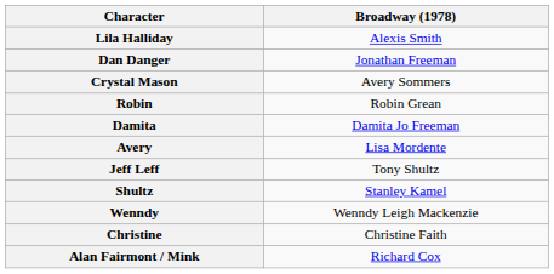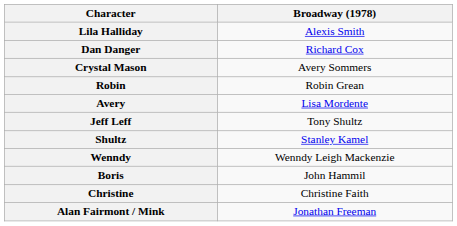 <table class="wikitable" style="width:50%; text-align:center">
 <tr>
 <th scope="col">Character</th>
 <th>Broadway (1978)</th>
 </tr>
 <tr>
 <th>Lila Halliday</th>
 <td colspan="1"><a href='#'>Alexis Smith</a></td>
 </tr>
 <tr>
 <th>Dan Danger</th>
-<td colspan="1"><a href='#'>Jonathan Freeman</a></td>
+<td colspan="1”"><a href='#'>Richard Cox</a></td>
 </tr>
 <tr>
 <th>Crystal Mason</th>
 <td colspan="1">Avery Sommers</td>
 </tr>
 <tr>
 <th>Robin</th>
 <td colspan="1">Robin Grean</td>
-</tr>
-<tr>
-<th>Damita</th>
-<td colspan="1"><a href='#'>Damita Jo Freeman</a></td>
 </tr>
 <tr>
 <th>Avery</th>
 <td colspan="1”"><a href='#'>Lisa Mordente</a></td>
 </tr>
 <tr>
 <th>Jeff Leff</th>
 <td colspan="1">Tony Shultz</td>
 </tr>
 <tr>
 <th>Shultz</th>
 <td colspan="1"><a href='#'>Stanley Kamel</a></td>
 </tr>
 <tr>
 <th>Wenndy</th>
 <td colspan="1">Wenndy Leigh Mackenzie</td>
 </tr>
 <tr>
+<th>Boris</th>
+<td colspan="1">John Hammil</td>
+</tr>
+<tr>
 <th>Christine</th>
 <td colspan="1">Christine Faith</td>
 </tr>
 <tr>
 <th>Alan Fairmont / Mink</th>
-<td colspan="1”"><a href='#'>Richard Cox</a></td>
+<td colspan="1"><a href='#'>Jonathan Freeman</a></td>
 </tr>
 </table>
